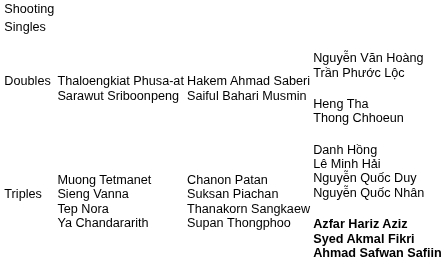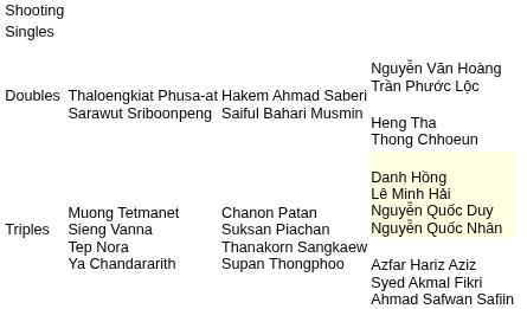 <table>
 <tr>
 <td rowspan=2>Shooting</td>
 <td rowspan=2></td>
 <td rowspan=2></td>
 <td></td>
 </tr>
 <tr>
 <td></td>
 </tr>
 <tr>
 <td rowspan=2>Singles</td>
 <td rowspan=2></td>
 <td rowspan=2></td>
 <td></td>
 </tr>
 <tr>
 <td></td>
 </tr>
 <tr>
 <td rowspan=2>Doubles</td>
 <td rowspan=2><br>Thaloengkiat Phusa-at<br>Sarawut Sriboonpeng</td>
 <td rowspan=2><br>Hakem Ahmad Saberi<br>Saiful Bahari Musmin</td>
 <td><br>Nguyễn Văn Hoàng<br>Trần Phước Lộc</td>
 </tr>
 <tr>
 <td><br>Heng Tha<br>Thong Chhoeun</td>
 </tr>
 <tr>
 <td rowspan=2>Triples</td>
 <td rowspan=2><br>Muong Tetmanet<br>Sieng Vanna<br>Tep Nora<br>Ya Chandararith</td>
 <td rowspan=2><br>Chanon Patan<br>Suksan Piachan<br>Thanakorn Sangkaew<br>Supan Thongphoo</td>
-<td><br>Danh Hồng<br>Lê Minh Hải<br>Nguyễn Quốc Duy<br>Nguyễn Quốc Nhân</td>
+<td style="background: lightyellow;"><br>Danh Hồng<br>Lê Minh Hải<br>Nguyễn Quốc Duy<br>Nguyễn Quốc Nhân</td>
 </tr>
 <tr>
-<td><strong><br>Azfar Hariz Aziz<br>Syed Akmal Fikri<br>Ahmad Safwan Safiin</strong></td>
+<td><br>Azfar Hariz Aziz<br>Syed Akmal Fikri<br>Ahmad Safwan Safiin</td>
 </tr>
 </table>
